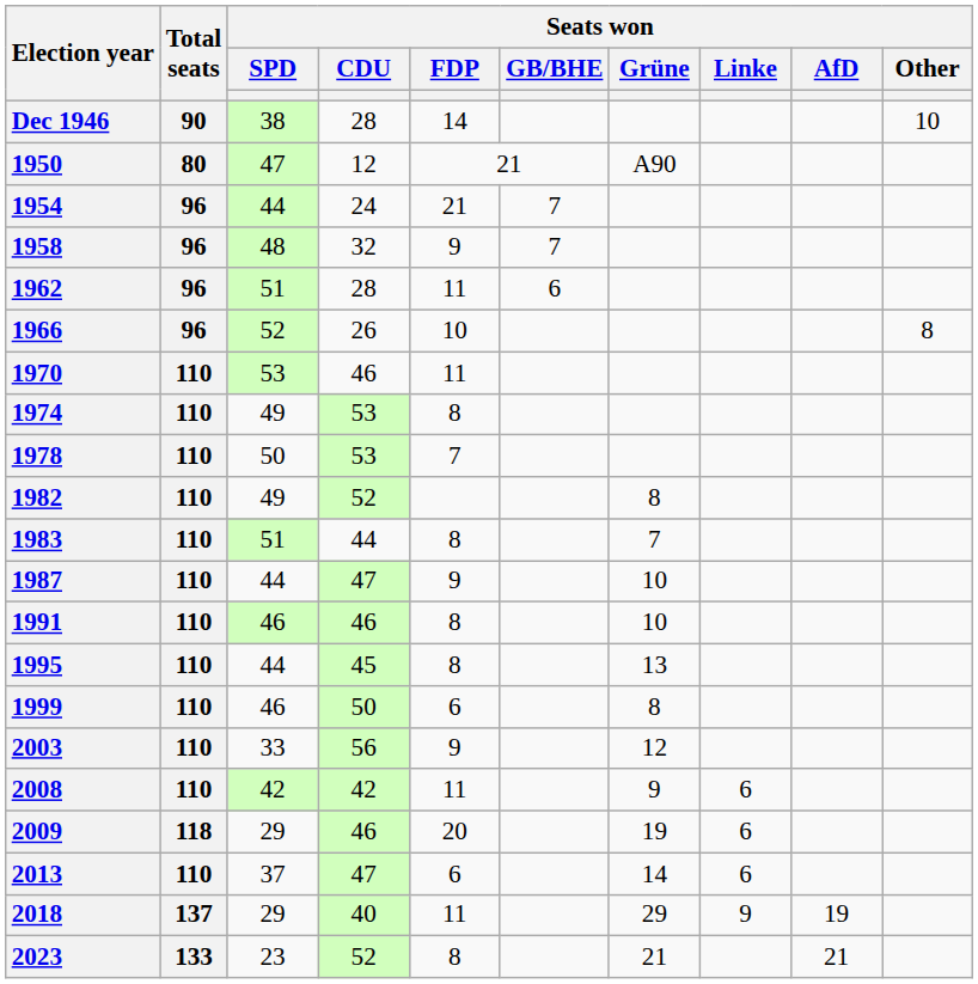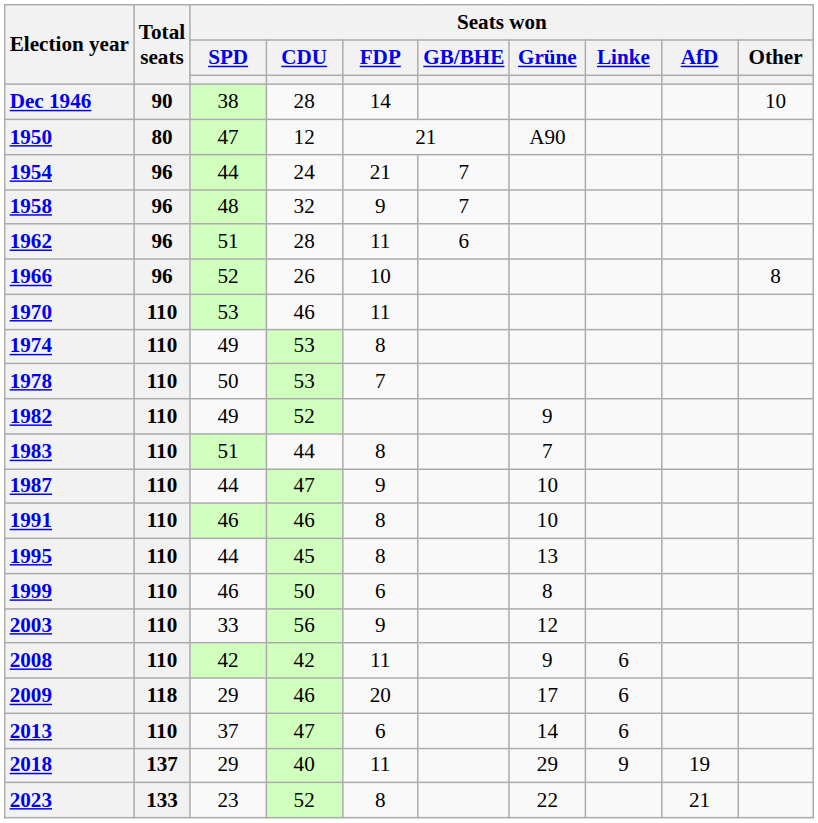 <table class="wikitable" style="text-align:center; font-size: 0.9em;">
 <tr>
 <th rowspan="3">Election year</th>
 <th rowspan="3">Total<br>seats</th>
 <th colspan="8">Seats won </th>
 </tr>
 <tr>
 <th class="unsortable" style="width:45px;"><a href='#'>SPD</a></th>
 <th class="unsortable" style="width:45px;"><a href='#'>CDU</a></th>
 <th class="unsortable" style="width:45px;"><a href='#'>FDP</a></th>
 <th class="unsortable" style="width:45px;"><a href='#'>GB/BHE</a></th>
 <th class="unsortable" style="width:45px;"><a href='#'>Grüne</a></th>
 <th class="unsortable" style="width:45px;"><a href='#'>Linke</a></th>
 <th class="unsortable" style="width:45px;"><a href='#'>AfD</a></th>
 <th class="unsortable" style="width:45px;">Other</th>
 </tr>
 <tr>
 <th style="background:"></th>
 <th style="background:"></th>
 <th style="background:"></th>
 <th style="background:"></th>
 <th style="background:"></th>
 <th style="background:"></th>
 <th style="background:"></th>
 <th style="background:"></th>
 </tr>
 <tr>
 <th style="text-align: left;"><a href='#'>Dec 1946</a></th>
 <th>90</th>
 <td style="background:#d1ffbd;">38</td>
 <td>28</td>
 <td>14</td>
 <td></td>
 <td></td>
 <td></td>
 <td></td>
 <td>10 </td>
 </tr>
 <tr>
 <th style="text-align: left;"><a href='#'>1950</a></th>
 <th>80</th>
 <td style="background:#d1ffbd;">47</td>
 <td>12</td>
 <td colspan=2>21</td>
 <td>A90</td>
 <td></td>
 <td></td>
 <td></td>
 </tr>
 <tr>
 <th style="text-align: left;"><a href='#'>1954</a></th>
 <th>96</th>
 <td style="background:#d1ffbd;">44</td>
 <td>24</td>
 <td>21</td>
 <td>7</td>
 <td></td>
 <td></td>
 <td></td>
 <td></td>
 </tr>
 <tr>
 <th style="text-align: left;"><a href='#'>1958</a></th>
 <th>96</th>
 <td style="background:#d1ffbd;">48</td>
 <td>32</td>
 <td>9</td>
 <td>7</td>
 <td></td>
 <td></td>
 <td></td>
 <td></td>
 </tr>
 <tr>
 <th style="text-align: left;"><a href='#'>1962</a></th>
 <th>96</th>
 <td style="background:#d1ffbd;">51</td>
 <td>28</td>
 <td>11</td>
 <td>6</td>
 <td></td>
 <td></td>
 <td></td>
 <td></td>
 </tr>
 <tr>
 <th style="text-align: left;"><a href='#'>1966</a></th>
 <th>96</th>
 <td style="background:#d1ffbd;">52</td>
 <td>26</td>
 <td>10</td>
 <td></td>
 <td></td>
 <td></td>
 <td></td>
 <td>8 </td>
 </tr>
 <tr>
 <th style="text-align: left;"><a href='#'>1970</a></th>
 <th>110</th>
 <td style="background:#d1ffbd;">53</td>
 <td>46</td>
 <td>11</td>
 <td></td>
 <td></td>
 <td></td>
 <td></td>
 <td></td>
 </tr>
 <tr>
 <th style="text-align: left;"><a href='#'>1974</a></th>
 <th>110</th>
 <td>49</td>
 <td style="background:#d1ffbd;">53</td>
 <td>8</td>
 <td></td>
 <td></td>
 <td></td>
 <td></td>
 <td></td>
 </tr>
 <tr>
 <th style="text-align: left;"><a href='#'>1978</a></th>
 <th>110</th>
 <td>50</td>
 <td style="background:#d1ffbd;">53</td>
 <td>7</td>
 <td></td>
 <td></td>
 <td></td>
 <td></td>
 <td></td>
 </tr>
 <tr>
 <th style="text-align: left;"><a href='#'>1982</a></th>
 <th>110</th>
 <td>49</td>
 <td style="background:#d1ffbd;">52</td>
 <td></td>
 <td></td>
-<td>8</td>
+<td>9</td>
 <td></td>
 <td></td>
 <td></td>
 </tr>
 <tr>
 <th style="text-align: left;"><a href='#'>1983</a></th>
 <th>110</th>
 <td style="background:#d1ffbd;">51</td>
 <td>44</td>
 <td>8</td>
 <td></td>
 <td>7</td>
 <td></td>
 <td></td>
 <td></td>
 </tr>
 <tr>
 <th style="text-align: left;"><a href='#'>1987</a></th>
 <th>110</th>
 <td>44</td>
 <td style="background:#d1ffbd;">47</td>
 <td>9</td>
 <td></td>
 <td>10</td>
 <td></td>
 <td></td>
 <td></td>
 </tr>
 <tr>
 <th style="text-align: left;"><a href='#'>1991</a></th>
 <th>110</th>
 <td style="background:#d1ffbd;">46</td>
 <td style="background:#d1ffbd;">46</td>
 <td>8</td>
 <td></td>
 <td>10</td>
 <td></td>
 <td></td>
 <td></td>
 </tr>
 <tr>
 <th style="text-align: left;"><a href='#'>1995</a></th>
 <th>110</th>
 <td>44</td>
 <td style="background:#d1ffbd;">45</td>
 <td>8</td>
 <td></td>
 <td>13</td>
 <td></td>
 <td></td>
 <td></td>
 </tr>
 <tr>
 <th style="text-align: left;"><a href='#'>1999</a></th>
 <th>110</th>
 <td>46</td>
 <td style="background:#d1ffbd;">50</td>
 <td>6</td>
 <td></td>
 <td>8</td>
 <td></td>
 <td></td>
 <td></td>
 </tr>
 <tr>
 <th style="text-align: left;"><a href='#'>2003</a></th>
 <th>110</th>
 <td>33</td>
 <td style="background:#d1ffbd;">56</td>
 <td>9</td>
 <td></td>
 <td>12</td>
 <td></td>
 <td></td>
 <td></td>
 </tr>
 <tr>
 <th style="text-align: left;"><a href='#'>2008</a></th>
 <th>110</th>
 <td style="background:#d1ffbd;">42</td>
 <td style="background:#d1ffbd;">42</td>
 <td>11</td>
 <td></td>
 <td>9</td>
 <td>6</td>
 <td></td>
 <td></td>
 </tr>
 <tr>
 <th style="text-align: left;"><a href='#'>2009</a></th>
 <th>118</th>
 <td>29</td>
 <td style="background:#d1ffbd;">46</td>
 <td>20</td>
 <td></td>
-<td>19</td>
+<td>17</td>
 <td>6</td>
 <td></td>
 <td></td>
 </tr>
 <tr>
 <th style="text-align: left;"><a href='#'>2013</a></th>
 <th>110</th>
 <td>37</td>
 <td style="background:#d1ffbd;">47</td>
 <td>6</td>
 <td></td>
 <td>14</td>
 <td>6</td>
 <td></td>
 <td></td>
 </tr>
 <tr>
 <th style="text-align: left;"><a href='#'>2018</a></th>
 <th>137</th>
 <td>29</td>
 <td style="background:#d1ffbd;">40</td>
 <td>11</td>
 <td></td>
 <td>29</td>
 <td>9</td>
 <td>19</td>
 <td></td>
 </tr>
 <tr>
 <th style="text-align: left;"><a href='#'>2023</a></th>
 <th>133</th>
 <td>23</td>
 <td style="background:#d1ffbd;">52</td>
 <td>8</td>
 <td></td>
-<td>21</td>
+<td>22</td>
 <td></td>
 <td>21</td>
 <td></td>
 </tr>
 </table>
